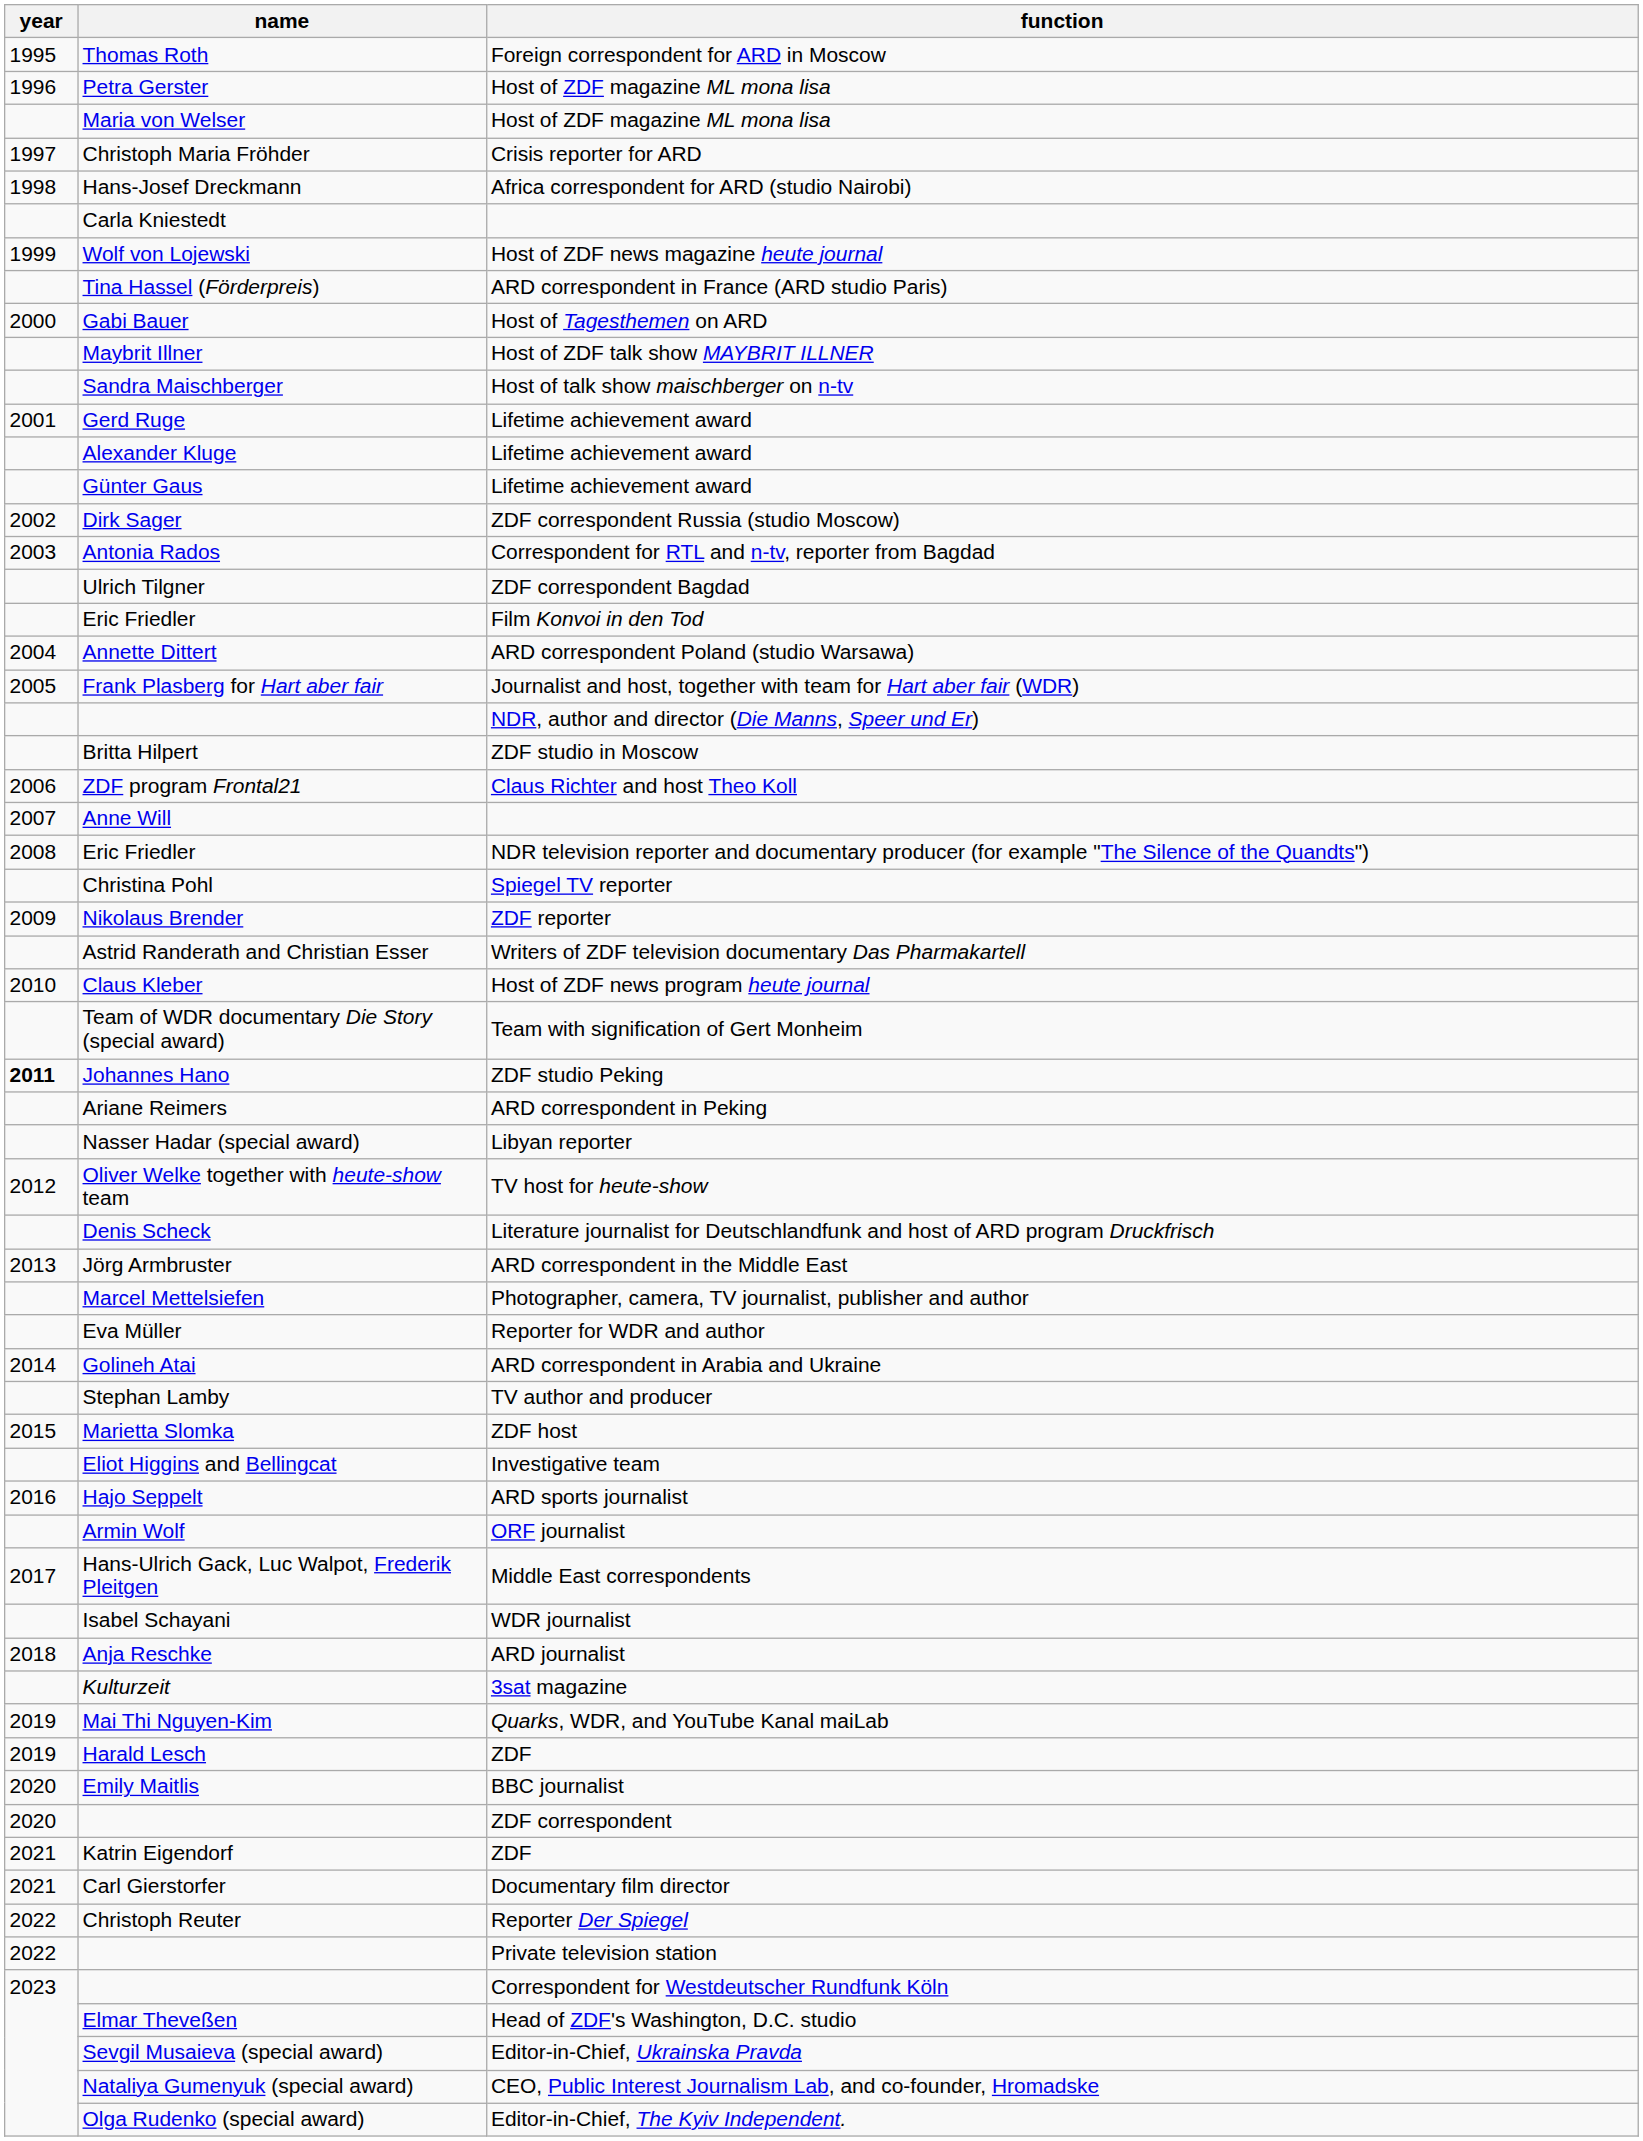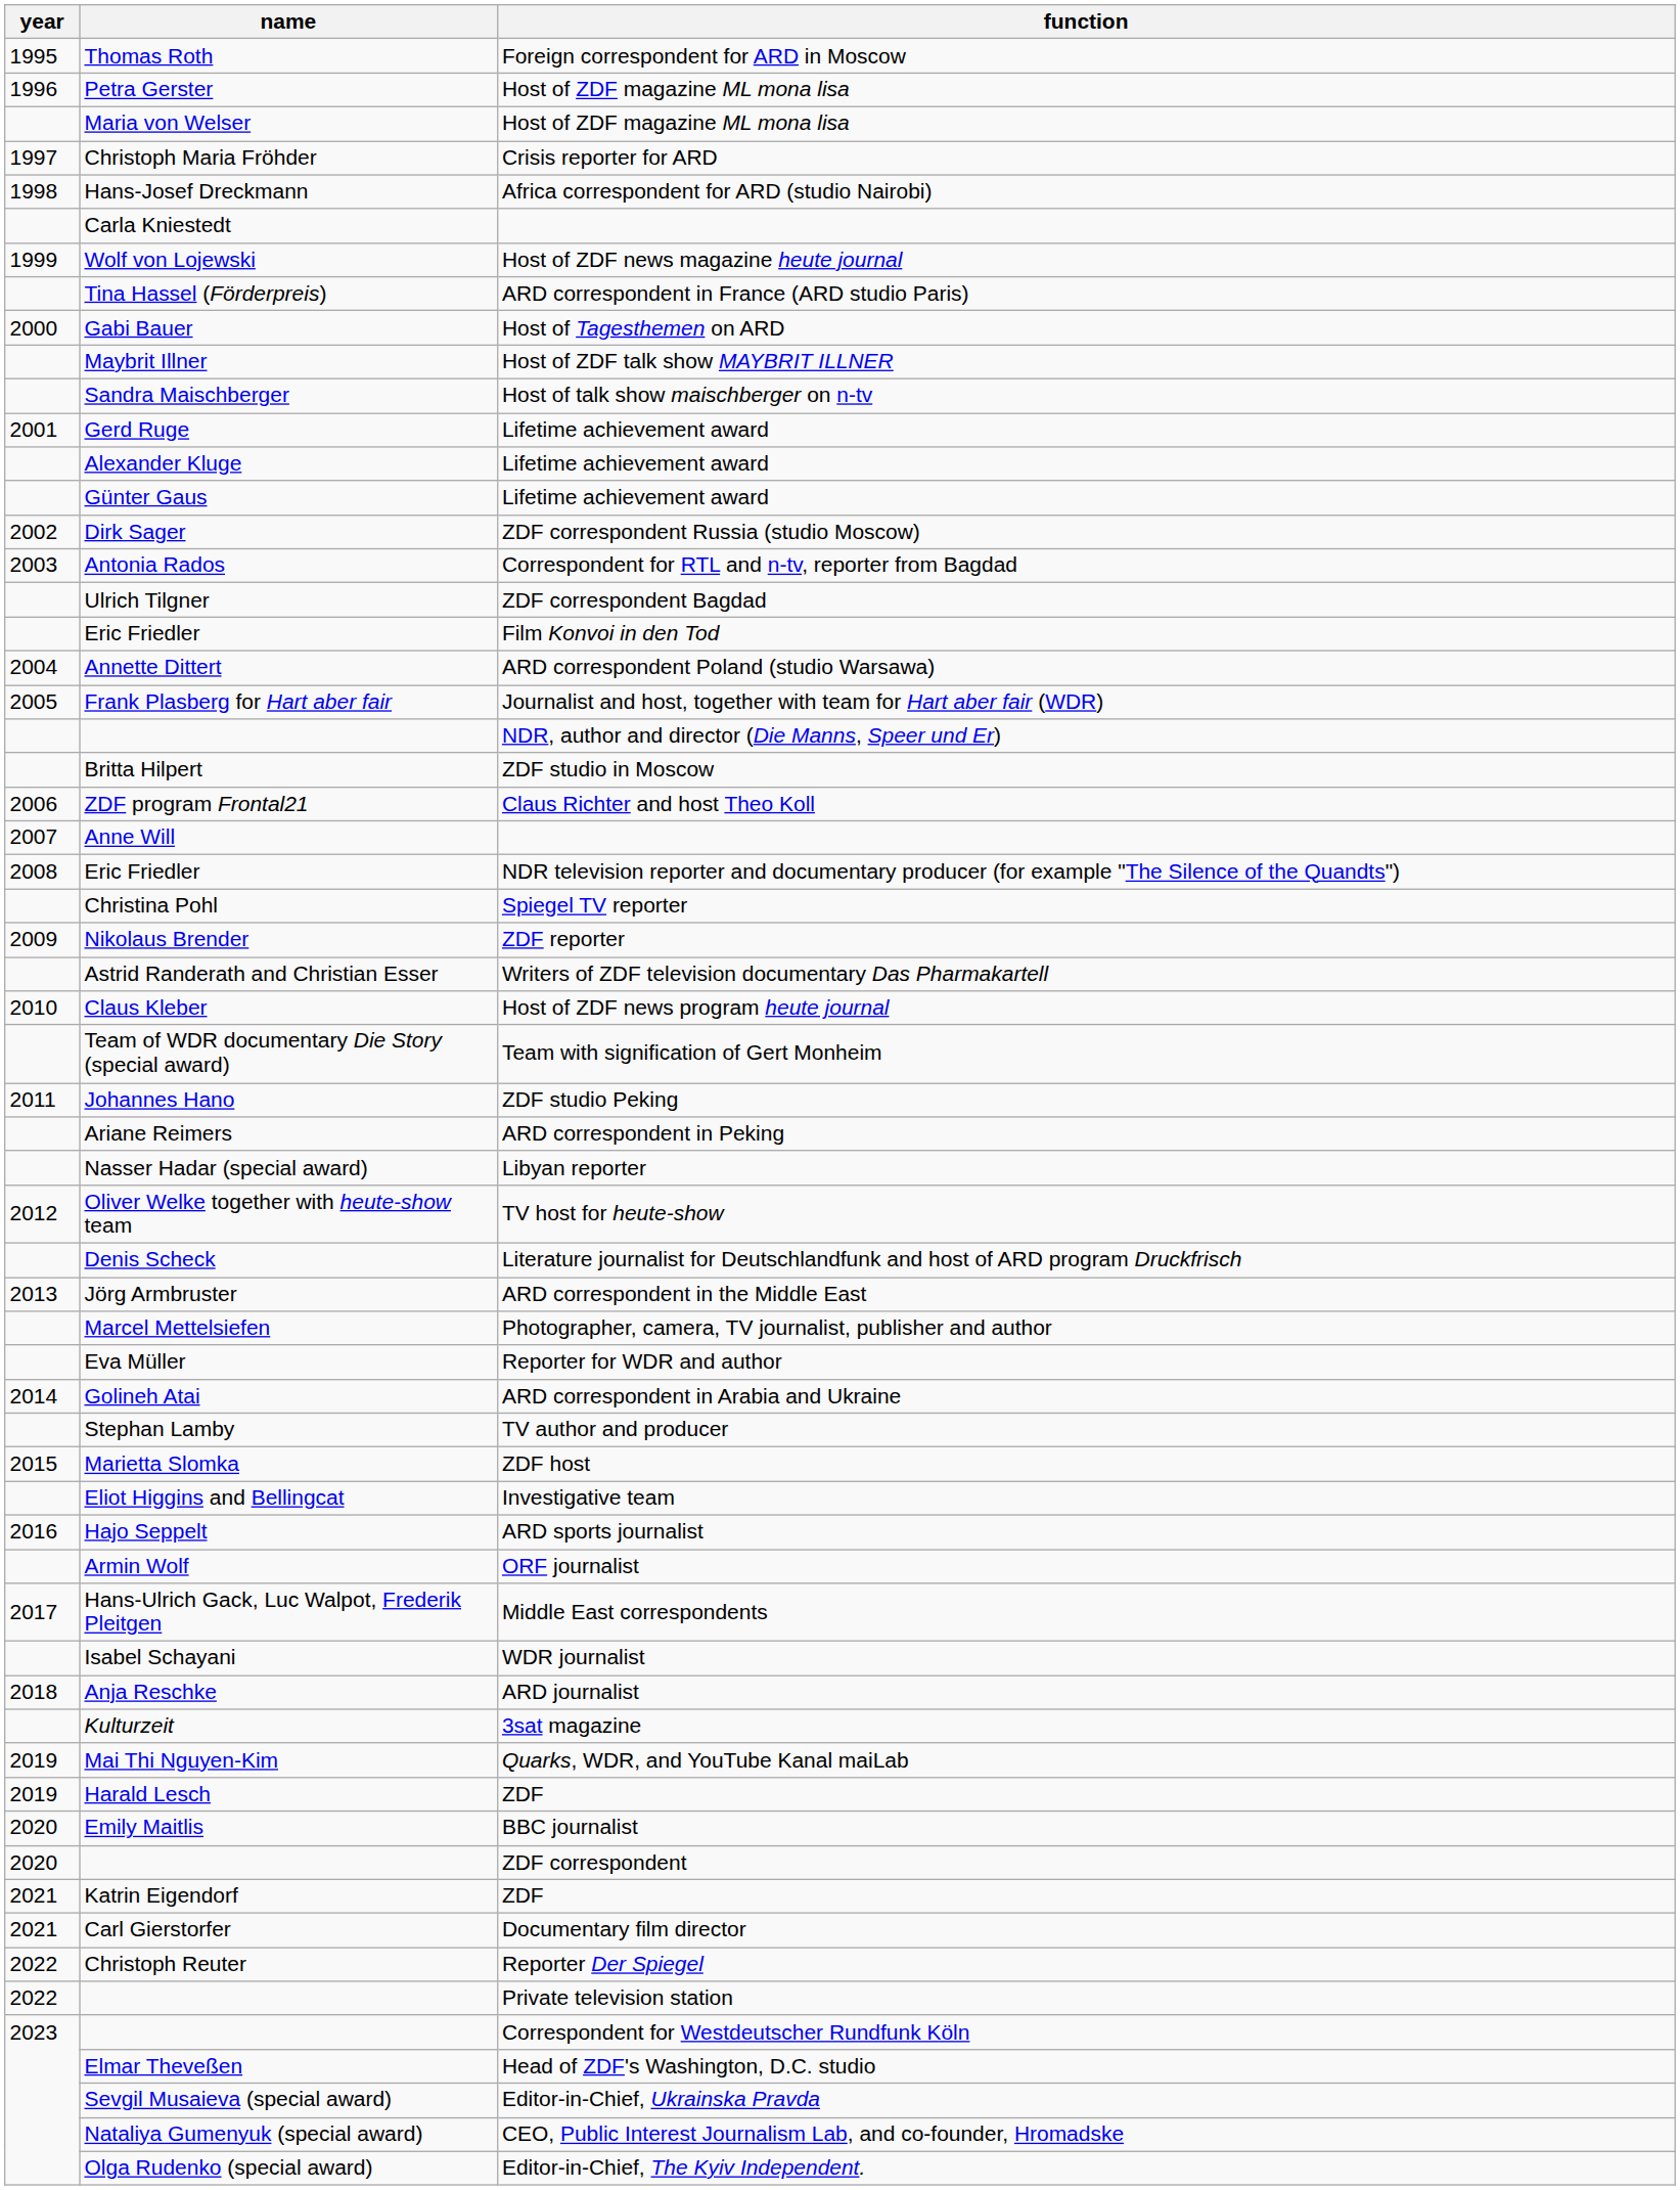 <table class="wikitable">
 <tr>
 <th>year</th>
 <th>name</th>
 <th>function</th>
 </tr>
 <tr>
 <td>1995</td>
 <td width="25%"><a href='#'>Thomas Roth</a></td>
 <td>Foreign correspondent for <a href='#'>ARD</a> in Moscow</td>
 </tr>
 <tr>
 <td>1996</td>
 <td><a href='#'>Petra Gerster</a></td>
 <td>Host of <a href='#'>ZDF</a> magazine <em>ML mona lisa</em></td>
 </tr>
 <tr>
 <td></td>
 <td><a href='#'>Maria von Welser</a></td>
 <td>Host of ZDF magazine <em>ML mona lisa</em></td>
 </tr>
 <tr>
 <td>1997</td>
 <td>Christoph Maria Fröhder</td>
 <td>Crisis reporter for ARD</td>
 </tr>
 <tr>
 <td>1998</td>
 <td>Hans-Josef Dreckmann</td>
 <td>Africa correspondent for ARD (studio Nairobi)</td>
 </tr>
 <tr>
 <td></td>
 <td>Carla Kniestedt</td>
 </tr>
 <tr>
 <td>1999</td>
 <td><a href='#'>Wolf von Lojewski</a></td>
 <td>Host of ZDF news magazine <em><a href='#'>heute journal</a></em></td>
 </tr>
 <tr>
 <td></td>
 <td><a href='#'>Tina Hassel</a> (<em>Förderpreis</em>)</td>
 <td>ARD correspondent in France (ARD studio Paris)</td>
 </tr>
 <tr>
 <td>2000</td>
 <td><a href='#'>Gabi Bauer</a></td>
 <td>Host of <em><a href='#'>Tagesthemen</a></em> on ARD</td>
 </tr>
 <tr>
 <td></td>
 <td><a href='#'>Maybrit Illner</a></td>
 <td>Host of ZDF talk show <em><a href='#'>MAYBRIT ILLNER</a></em></td>
 </tr>
 <tr>
 <td></td>
 <td><a href='#'>Sandra Maischberger</a></td>
 <td>Host of talk show <em>maischberger</em> on <a href='#'>n-tv</a></td>
 </tr>
 <tr>
 <td>2001</td>
 <td><a href='#'>Gerd Ruge</a></td>
 <td>Lifetime achievement award</td>
 </tr>
 <tr>
 <td></td>
 <td><a href='#'>Alexander Kluge</a></td>
 <td>Lifetime achievement award</td>
 </tr>
 <tr>
 <td></td>
 <td><a href='#'>Günter Gaus</a></td>
 <td>Lifetime achievement award</td>
 </tr>
 <tr>
 <td>2002</td>
 <td><a href='#'>Dirk Sager</a></td>
 <td>ZDF correspondent Russia (studio Moscow)</td>
 </tr>
 <tr>
 <td>2003</td>
 <td><a href='#'>Antonia Rados</a></td>
 <td>Correspondent for <a href='#'>RTL</a> and <a href='#'>n-tv</a>, reporter from Bagdad</td>
 </tr>
 <tr>
 <td></td>
 <td>Ulrich Tilgner</td>
 <td>ZDF correspondent Bagdad</td>
 </tr>
 <tr>
 <td></td>
 <td>Eric Friedler</td>
 <td>Film <em>Konvoi in den Tod</em></td>
 </tr>
 <tr>
 <td>2004</td>
 <td><a href='#'>Annette Dittert</a></td>
 <td>ARD correspondent Poland (studio Warsawa)</td>
 </tr>
 <tr>
 <td>2005</td>
 <td><a href='#'>Frank Plasberg</a> for <em><a href='#'>Hart aber fair</a></em></td>
 <td>Journalist and host, together with team for <em><a href='#'>Hart aber fair</a></em> (<a href='#'>WDR</a>)</td>
 </tr>
 <tr valign="top">
 <td></td>
 <td></td>
 <td><a href='#'>NDR</a>, author and director (<a href='#'><em>Die Manns</em></a>, <em><a href='#'>Speer und Er</a></em>)</td>
 </tr>
 <tr>
 <td></td>
 <td>Britta Hilpert</td>
 <td>ZDF studio in Moscow</td>
 </tr>
 <tr>
 <td>2006</td>
 <td><a href='#'>ZDF</a> program <em>Frontal21</em></td>
 <td><a href='#'>Claus Richter</a> and host <a href='#'>Theo Koll</a></td>
 </tr>
 <tr>
 <td>2007</td>
 <td><a href='#'>Anne Will</a></td>
 </tr>
 <tr>
 <td>2008</td>
 <td>Eric Friedler</td>
 <td>NDR television reporter and documentary producer (for example "<a href='#'>The Silence of the Quandts</a>")</td>
 </tr>
 <tr>
 <td></td>
 <td>Christina Pohl</td>
 <td><a href='#'>Spiegel TV</a> reporter</td>
 </tr>
 <tr>
 <td>2009</td>
 <td><a href='#'>Nikolaus Brender</a></td>
 <td><a href='#'>ZDF</a> reporter</td>
 </tr>
 <tr>
 <td></td>
 <td>Astrid Randerath and Christian Esser</td>
 <td>Writers of ZDF television documentary <em>Das Pharmakartell</em></td>
 </tr>
 <tr>
 <td>2010</td>
 <td><a href='#'>Claus Kleber</a></td>
 <td>Host of ZDF news program <em><a href='#'>heute journal</a></em></td>
 </tr>
 <tr>
 <td></td>
 <td>Team of WDR documentary <em>Die Story</em> (special award)</td>
 <td>Team with signification of Gert Monheim</td>
 </tr>
 <tr>
-<td><strong>2011</strong></td>
+<td>2011</td>
 <td><a href='#'>Johannes Hano</a></td>
 <td>ZDF studio Peking</td>
 </tr>
 <tr>
 <td></td>
 <td>Ariane Reimers</td>
 <td>ARD correspondent in Peking</td>
 </tr>
 <tr>
 <td></td>
 <td>Nasser Hadar (special award)</td>
 <td>Libyan reporter</td>
 </tr>
 <tr>
 <td>2012</td>
 <td><a href='#'>Oliver Welke</a> together with <em><a href='#'>heute-show</a></em> team</td>
 <td>TV host for <em>heute-show</em></td>
 </tr>
 <tr>
 <td></td>
 <td><a href='#'>Denis Scheck</a></td>
 <td>Literature journalist for Deutschlandfunk and host of ARD program <em>Druckfrisch</em></td>
 </tr>
 <tr>
 <td>2013</td>
 <td>Jörg Armbruster</td>
 <td>ARD correspondent in the Middle East</td>
 </tr>
 <tr>
 <td></td>
 <td><a href='#'>Marcel Mettelsiefen</a></td>
 <td>Photographer, camera, TV journalist, publisher and author</td>
 </tr>
 <tr>
 <td></td>
 <td>Eva Müller</td>
 <td>Reporter for WDR and author</td>
 </tr>
 <tr>
 <td>2014</td>
 <td><a href='#'>Golineh Atai</a></td>
 <td>ARD correspondent in Arabia and Ukraine</td>
 </tr>
 <tr>
 <td></td>
 <td>Stephan Lamby</td>
 <td>TV author and producer</td>
 </tr>
 <tr>
 <td>2015</td>
 <td><a href='#'>Marietta Slomka</a></td>
 <td>ZDF host</td>
 </tr>
 <tr>
 <td></td>
 <td><a href='#'>Eliot Higgins</a> and <a href='#'>Bellingcat</a></td>
 <td>Investigative team</td>
 </tr>
 <tr>
 <td>2016</td>
 <td><a href='#'>Hajo Seppelt</a></td>
 <td>ARD sports journalist</td>
 </tr>
 <tr>
 <td></td>
 <td><a href='#'>Armin Wolf</a></td>
 <td><a href='#'>ORF</a> journalist</td>
 </tr>
 <tr>
 <td>2017</td>
 <td>Hans-Ulrich Gack, Luc Walpot, <a href='#'>Frederik Pleitgen</a></td>
 <td>Middle East correspondents</td>
 </tr>
 <tr>
 <td></td>
 <td>Isabel Schayani</td>
 <td>WDR journalist</td>
 </tr>
 <tr>
 <td>2018</td>
 <td><a href='#'>Anja Reschke</a></td>
 <td>ARD journalist</td>
 </tr>
 <tr>
 <td></td>
 <td><em>Kulturzeit</em></td>
 <td><a href='#'>3sat</a> magazine</td>
 </tr>
 <tr>
 <td>2019</td>
 <td><a href='#'>Mai Thi Nguyen-Kim</a></td>
 <td><em>Quarks</em>, WDR, and YouTube Kanal maiLab</td>
 </tr>
 <tr>
 <td>2019</td>
 <td><a href='#'>Harald Lesch</a></td>
 <td>ZDF</td>
 </tr>
 <tr>
 <td>2020</td>
 <td><a href='#'>Emily Maitlis</a></td>
 <td>BBC journalist</td>
 </tr>
 <tr>
 <td>2020</td>
 <td></td>
 <td>ZDF correspondent</td>
 </tr>
 <tr>
 <td>2021</td>
 <td>Katrin Eigendorf</td>
 <td>ZDF</td>
 </tr>
 <tr>
 <td>2021</td>
 <td>Carl Gierstorfer</td>
 <td>Documentary film director</td>
 </tr>
 <tr>
 <td>2022</td>
 <td>Christoph Reuter</td>
 <td>Reporter <em><a href='#'>Der Spiegel</a></em></td>
 </tr>
 <tr>
 <td>2022</td>
 <td></td>
 <td>Private television station</td>
 </tr>
 <tr>
 <td rowspan="5" style="vertical-align:top">2023</td>
 <td></td>
 <td>Correspondent for <a href='#'>Westdeutscher Rundfunk Köln</a></td>
 </tr>
 <tr>
 <td><a href='#'>Elmar Theveßen</a></td>
 <td>Head of <a href='#'>ZDF</a>'s Washington, D.C. studio</td>
 </tr>
 <tr>
 <td><a href='#'>Sevgil Musaieva</a> (special award)</td>
 <td>Editor-in-Chief, <em><a href='#'>Ukrainska Pravda</a></em></td>
 </tr>
 <tr>
 <td><a href='#'>Nataliya Gumenyuk</a> (special award)</td>
 <td>CEO, <a href='#'>Public Interest Journalism Lab</a>, and co-founder, <a href='#'>Hromadske</a></td>
 </tr>
 <tr>
 <td><a href='#'>Olga Rudenko</a> (special award)</td>
 <td>Editor-in-Chief, <em><a href='#'>The Kyiv Independent</a>.</em></td>
 </tr>
 </table>
